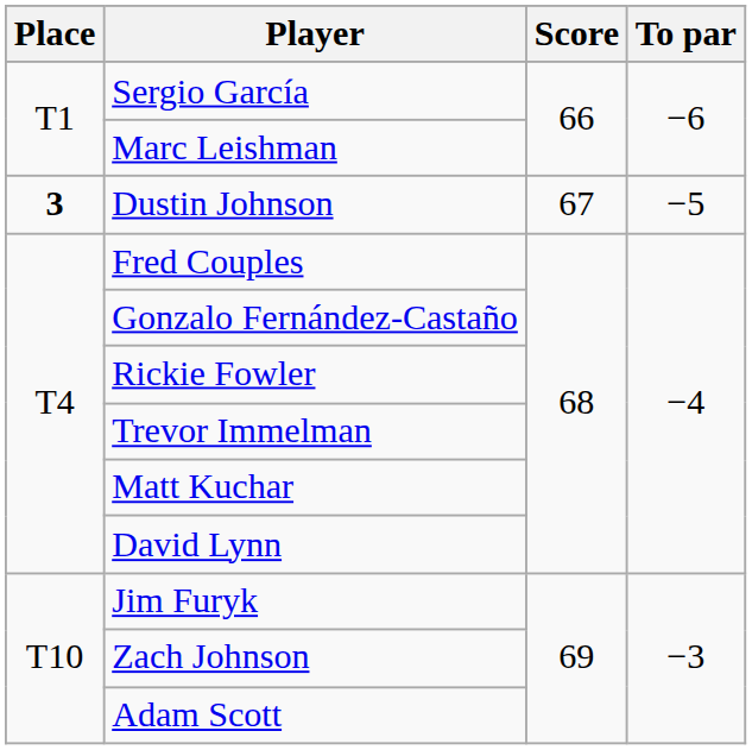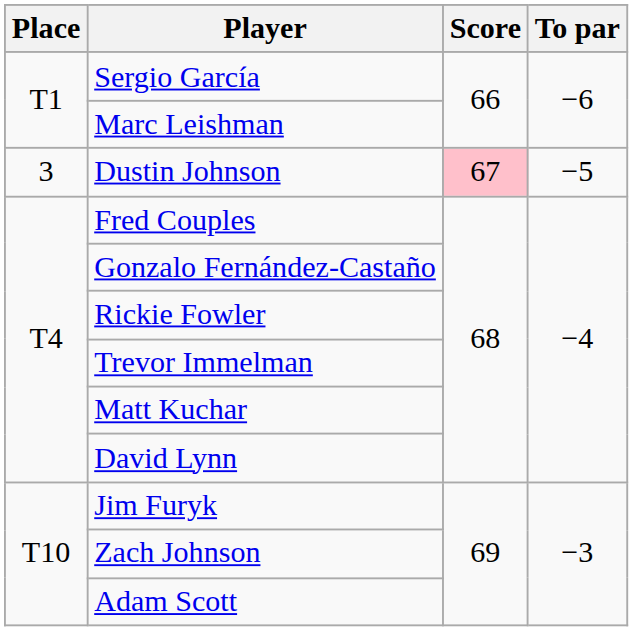 <table class="wikitable">
 <tr>
 <th>Place</th>
 <th>Player</th>
 <th>Score</th>
 <th>To par</th>
 </tr>
 <tr>
 <td rowspan="2" style="text-align:center;">T1</td>
 <td> <a href='#'>Sergio García</a></td>
 <td rowspan="2" style="text-align:center;">66</td>
 <td rowspan="2" style="text-align:center;">−6</td>
 </tr>
 <tr>
 <td> <a href='#'>Marc Leishman</a></td>
 </tr>
 <tr>
-<td style="text-align:center;"><strong>3</strong></td>
+<td style="text-align:center;">3</td>
 <td> <a href='#'>Dustin Johnson</a></td>
-<td style="text-align:center;">67</td>
+<td style="background: pink; text-align:center;">67</td>
 <td style="text-align:center;">−5</td>
 </tr>
 <tr>
 <td rowspan="6" style="text-align:center;">T4</td>
 <td> <a href='#'>Fred Couples</a></td>
 <td rowspan="6" style="text-align:center;">68</td>
 <td rowspan="6" style="text-align:center;">−4</td>
 </tr>
 <tr>
 <td> <a href='#'>Gonzalo Fernández-Castaño</a></td>
 </tr>
 <tr>
 <td> <a href='#'>Rickie Fowler</a></td>
 </tr>
 <tr>
 <td> <a href='#'>Trevor Immelman</a></td>
 </tr>
 <tr>
 <td> <a href='#'>Matt Kuchar</a></td>
 </tr>
 <tr>
 <td> <a href='#'>David Lynn</a></td>
 </tr>
 <tr>
 <td rowspan="3" style="text-align:center;">T10</td>
 <td> <a href='#'>Jim Furyk</a></td>
 <td rowspan="3" style="text-align:center;">69</td>
 <td rowspan="3" style="text-align:center;">−3</td>
 </tr>
 <tr>
 <td> <a href='#'>Zach Johnson</a></td>
 </tr>
 <tr>
 <td> <a href='#'>Adam Scott</a></td>
 </tr>
 </table>
